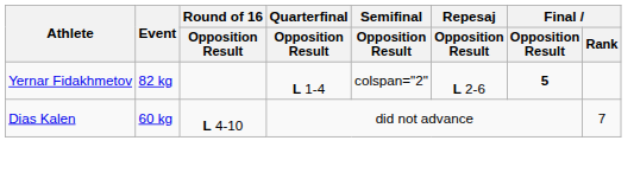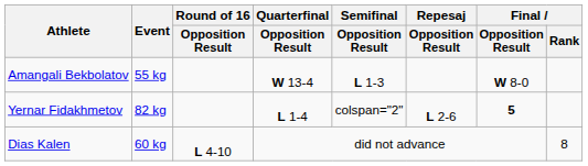 <table class=wikitable style=font-size:90%;text-align:center>
 <tr>
 <th rowspan=2>Athlete</th>
 <th rowspan=2>Event</th>
 <th>Round of 16</th>
 <th>Quarterfinal</th>
 <th>Semifinal</th>
 <th>Repesaj</th>
 <th colspan=2>Final / </th>
 </tr>
 <tr style=font-size:95%>
 <th>Opposition<br>Result</th>
 <th>Opposition<br>Result</th>
 <th>Opposition<br>Result</th>
 <th>Opposition<br>Result</th>
 <th>Opposition<br>Result</th>
 <th>Rank</th>
 </tr>
 <tr>
+<td align=left><a href='#'>Amangali Bekbolatov</a></td>
+<td align=left><a href='#'>55 kg</a></td>
+<td></td>
+<td><br><strong>W</strong> 13-4</td>
+<td><br><strong>L</strong> 1-3</td>
+<td></td>
+<td><br><strong>W</strong> 8-0</td>
+<td></td>
+</tr>
+<tr>
 <td align=left><a href='#'>Yernar Fidakhmetov</a></td>
 <td align=left><a href='#'>82 kg</a></td>
 <td></td>
 <td><br><strong>L</strong> 1-4</td>
 <td>colspan="2" </td>
 <td><br><strong>L</strong> 2-6</td>
 <td><strong>5</strong></td>
 </tr>
 <tr>
 <td align=left><a href='#'>Dias Kalen</a></td>
 <td align=left><a href='#'>60 kg</a></td>
 <td><br><strong>L</strong> 4-10</td>
 <td colspan=4>did not advance</td>
-<td>7</td>
+<td>8</td>
 </tr>
 </table>
